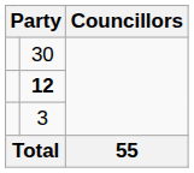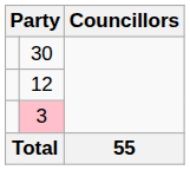 <table class="wikitable">
 <tr>
 <th colspan=2>Party</th>
 <th>Councillors</th>
 </tr>
 <tr>
 <td></td>
 <td align=center>30</td>
 </tr>
 <tr>
 <td></td>
-<td align=center><strong>12</strong></td>
+<td align=center>12</td>
 </tr>
 <tr>
 <td></td>
-<td align=center>3</td>
+<td align=center style="background: pink;">3</td>
 </tr>
 <tr>
 <th colspan=2>Total</th>
 <th>55</th>
 </tr>
 </table>
